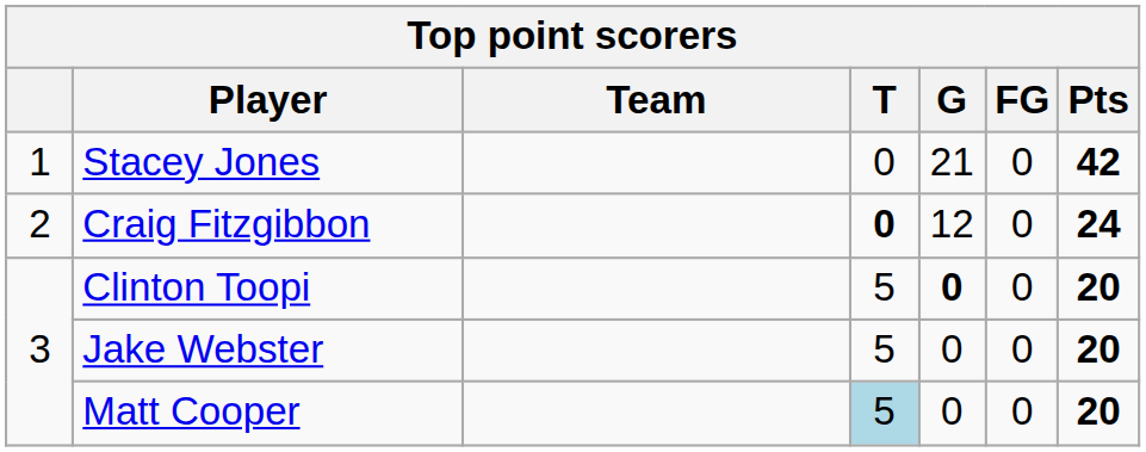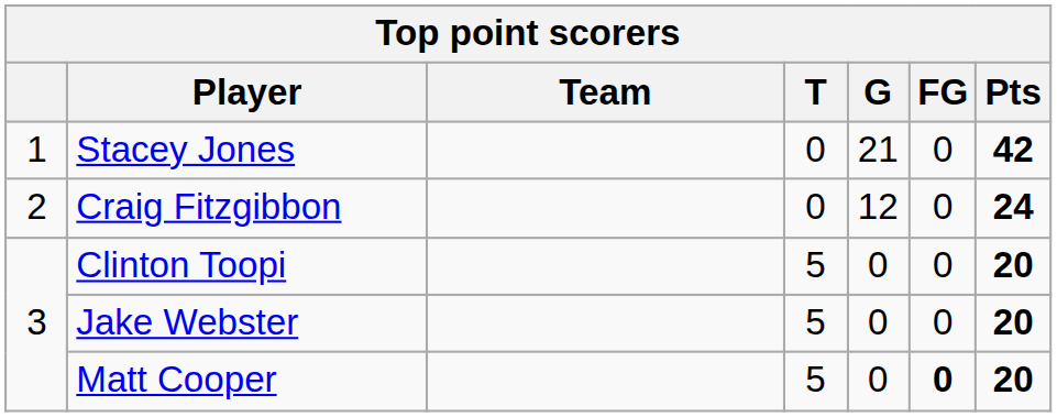 <table class="wikitable" style="text-align:center;">
 <tr>
 <th colspan="10"><strong>Top point scorers</strong></th>
 </tr>
 <tr>
 <th style="width:20px;" abbr="Position"></th>
 <th width=150>Player</th>
 <th width=150>Team</th>
 <th style="width:20px;" abbr="Tries">T</th>
 <th style="width:20px;" abbr="Goals">G</th>
 <th style="width:20px;" abbr="Field goals">FG</th>
 <th style="width:20px;" abbr="Points">Pts</th>
 </tr>
 <tr>
 <td>1</td>
 <td style="text-align:left;"><a href='#'>Stacey Jones</a></td>
 <td></td>
 <td>0</td>
 <td>21</td>
 <td>0</td>
 <td><strong>42</strong></td>
 </tr>
 <tr>
 <td>2</td>
 <td style="text-align:left;"><a href='#'>Craig Fitzgibbon</a></td>
 <td></td>
-<td><strong>0</strong></td>
+<td>0</td>
 <td>12</td>
 <td>0</td>
 <td><strong>24</strong></td>
 </tr>
 <tr>
 <td rowspan=3>3</td>
 <td style="text-align:left;"><a href='#'>Clinton Toopi</a></td>
 <td></td>
 <td>5</td>
-<td><strong>0</strong></td>
+<td>0</td>
 <td>0</td>
 <td><strong>20</strong></td>
 </tr>
 <tr>
 <td style="text-align:left;"><a href='#'>Jake Webster</a></td>
 <td></td>
 <td>5</td>
 <td>0</td>
 <td>0</td>
 <td><strong>20</strong></td>
 </tr>
 <tr>
 <td style="text-align:left;"><a href='#'>Matt Cooper</a></td>
 <td></td>
-<td style="background: lightblue;">5</td>
+<td>5</td>
 <td>0</td>
-<td>0</td>
+<td><strong>0</strong></td>
 <td><strong>20</strong></td>
 </tr>
 </table>
